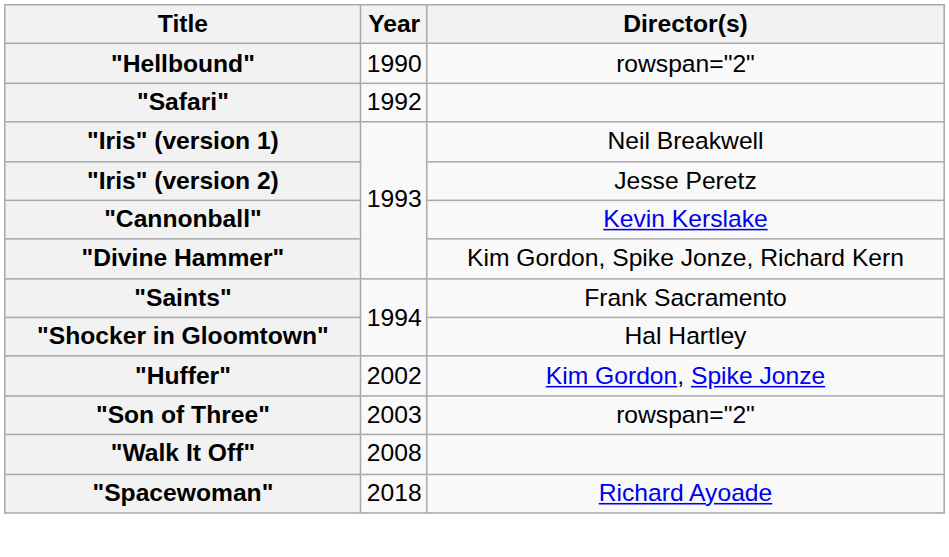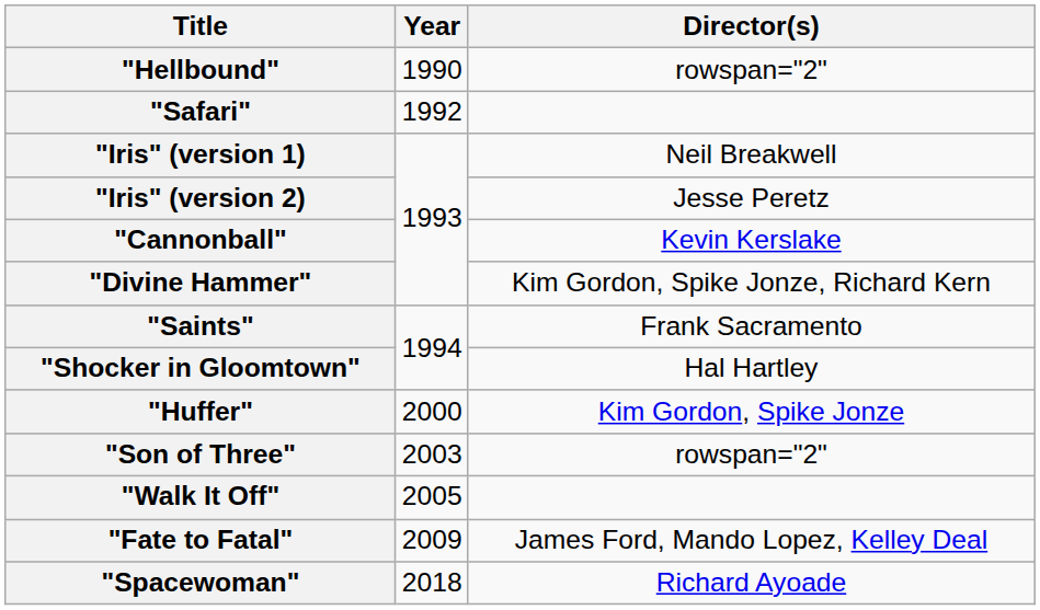 <table class="wikitable plainrowheaders" style="text-align:center;">
 <tr>
 <th scope="col" style="width:14em;">Title</th>
 <th scope="col">Year</th>
 <th scope="col" style="width:20.5em;">Director(s)</th>
 </tr>
 <tr>
 <th scope="row">"Hellbound"</th>
 <td>1990</td>
 <td>rowspan="2" </td>
 </tr>
 <tr>
 <th scope="row">"Safari"</th>
 <td>1992</td>
 </tr>
 <tr>
 <th scope="row">"Iris" (version 1)</th>
 <td rowspan="4">1993</td>
 <td>Neil Breakwell</td>
 </tr>
 <tr>
 <th scope="row">"Iris" (version 2)</th>
 <td>Jesse Peretz</td>
 </tr>
 <tr>
 <th scope="row">"Cannonball"</th>
 <td><a href='#'>Kevin Kerslake</a></td>
 </tr>
 <tr>
 <th scope="row">"Divine Hammer"</th>
 <td>Kim Gordon, Spike Jonze, Richard Kern</td>
 </tr>
 <tr>
 <th scope="row">"Saints"</th>
 <td rowspan="2">1994</td>
 <td>Frank Sacramento</td>
 </tr>
 <tr>
 <th scope="row">"Shocker in Gloomtown"</th>
 <td>Hal Hartley</td>
 </tr>
 <tr>
 <th scope="row">"Huffer"</th>
-<td>2002</td>
+<td>2000</td>
 <td><a href='#'>Kim Gordon</a>, <a href='#'>Spike Jonze</a></td>
 </tr>
 <tr>
 <th scope="row">"Son of Three"</th>
 <td>2003</td>
 <td>rowspan="2" </td>
 </tr>
 <tr>
 <th scope="row">"Walk It Off"</th>
-<td>2008</td>
+<td>2005</td>
+</tr>
+<tr>
+<th scope="row">"Fate to Fatal"</th>
+<td>2009</td>
+<td>James Ford, Mando Lopez, <a href='#'>Kelley Deal</a></td>
 </tr>
 <tr>
 <th scope="row">"Spacewoman"</th>
 <td>2018</td>
 <td><a href='#'>Richard Ayoade</a></td>
 </tr>
 </table>
